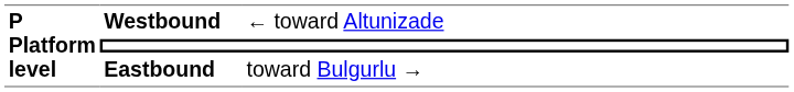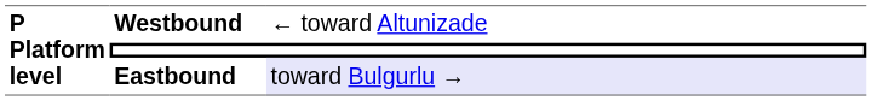 <table table border=0 cellspacing=0 cellpadding=3>
 <tr>
 <td style="border-top:solid 1px gray;border-bottom:solid 1px gray;" width=50 rowspan=3 valign=top><strong>P<br>Platform level</strong></td>
 <td style="border-top:solid 1px gray;" width=100><strong>Westbound</strong></td>
 <td style="border-top:solid 1px gray;" width=400>←  toward <a href='#'>Altunizade</a></td>
 </tr>
 <tr>
 <td style="border-top:solid 2px black;border-right:solid 2px black;border-left:solid 2px black;border-bottom:solid 2px black;text-align:center;" colspan=2></td>
 </tr>
 <tr>
 <td style="border-bottom:solid 1px gray;"><strong>Eastbound</strong></td>
-<td style="border-bottom:solid 1px gray;"> toward <a href='#'>Bulgurlu</a> →</td>
+<td style="background: lavender; border-bottom:solid 1px gray;"> toward <a href='#'>Bulgurlu</a> →</td>
 </tr>
 </table>
